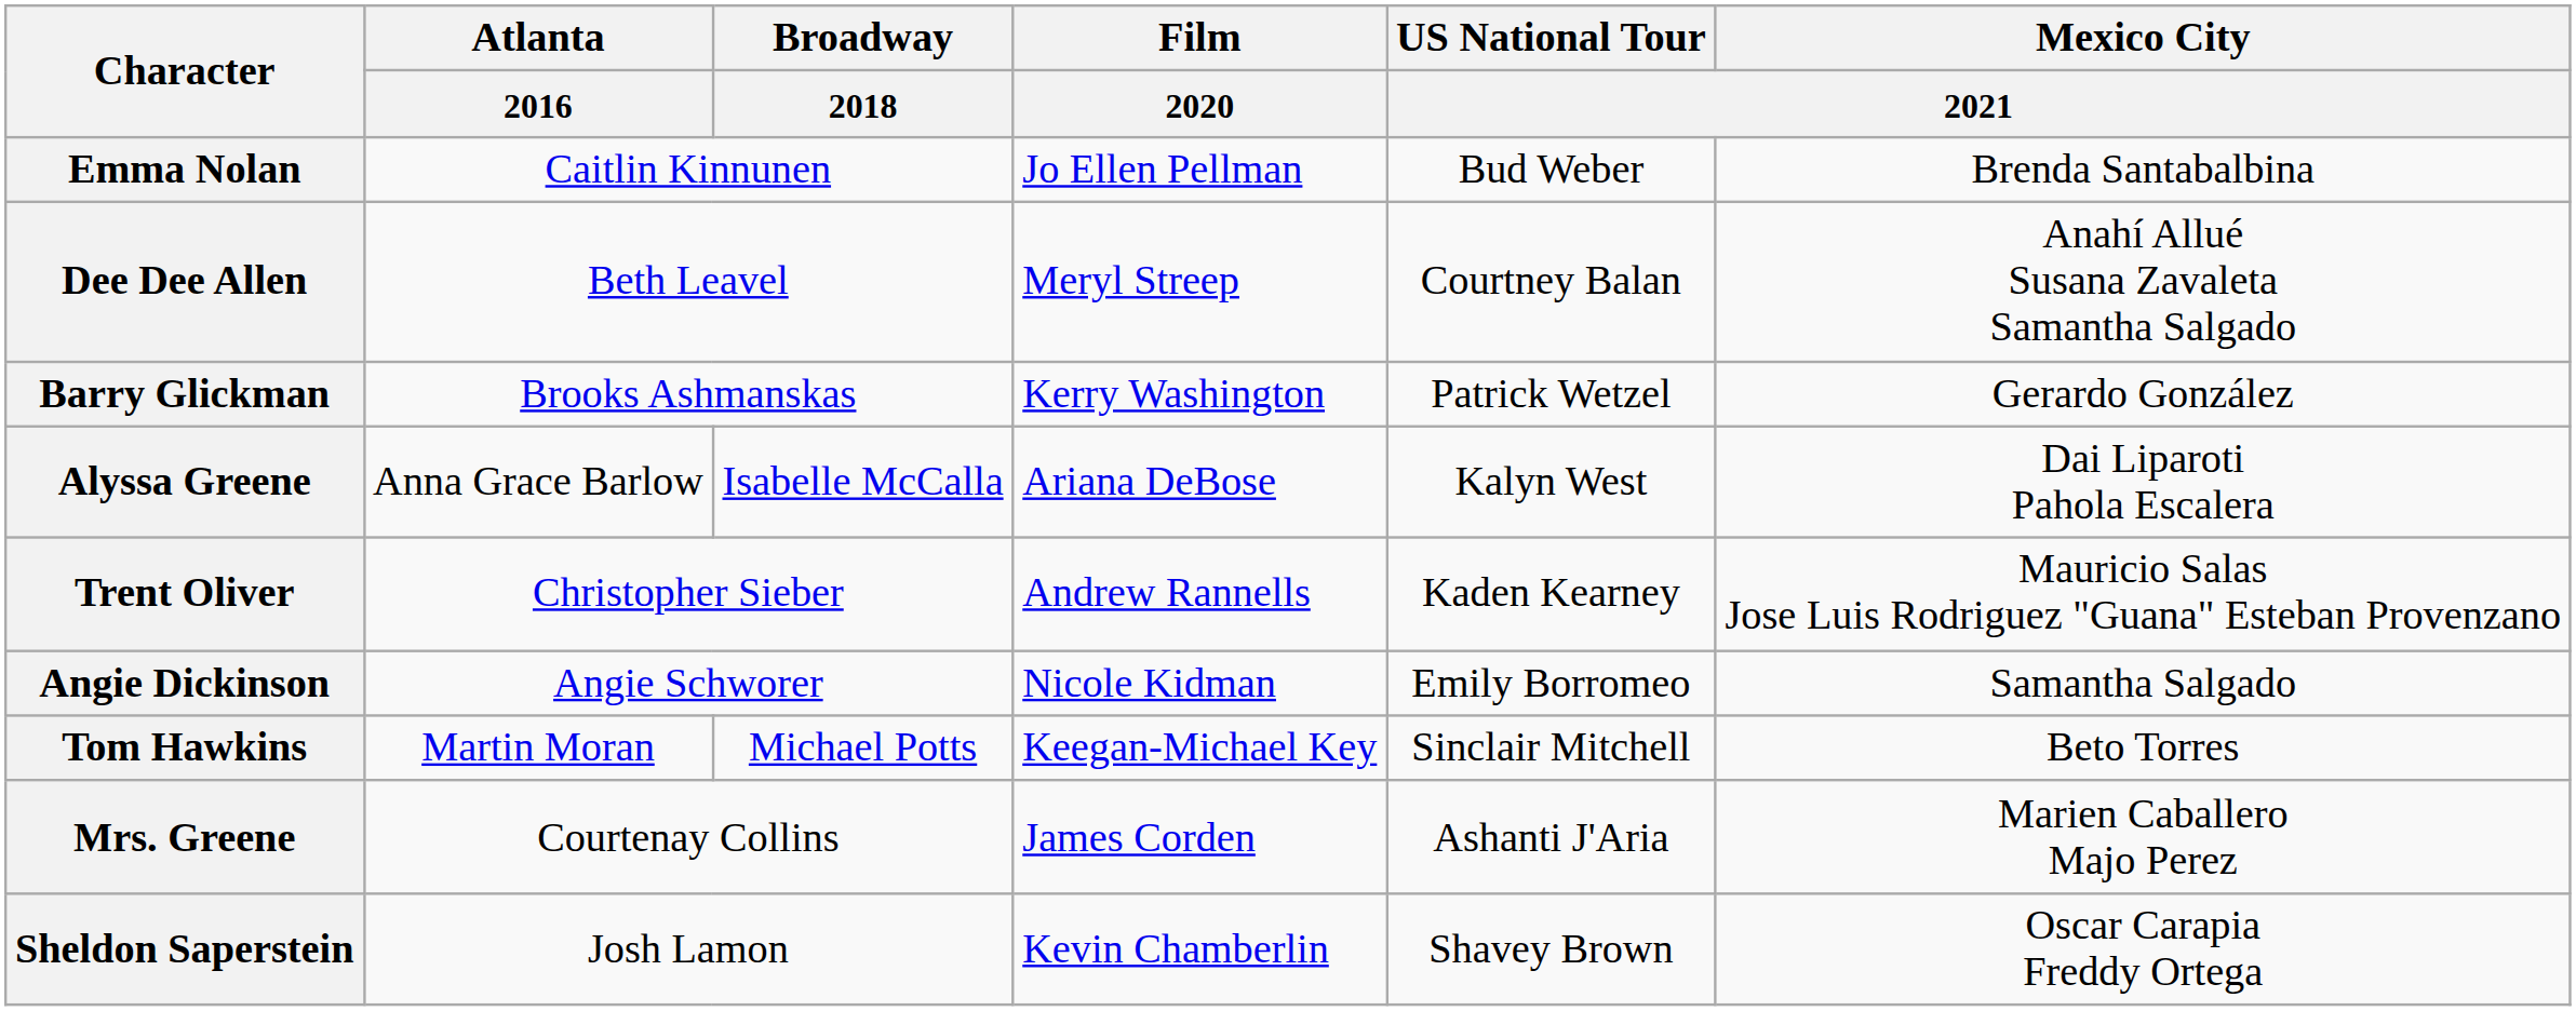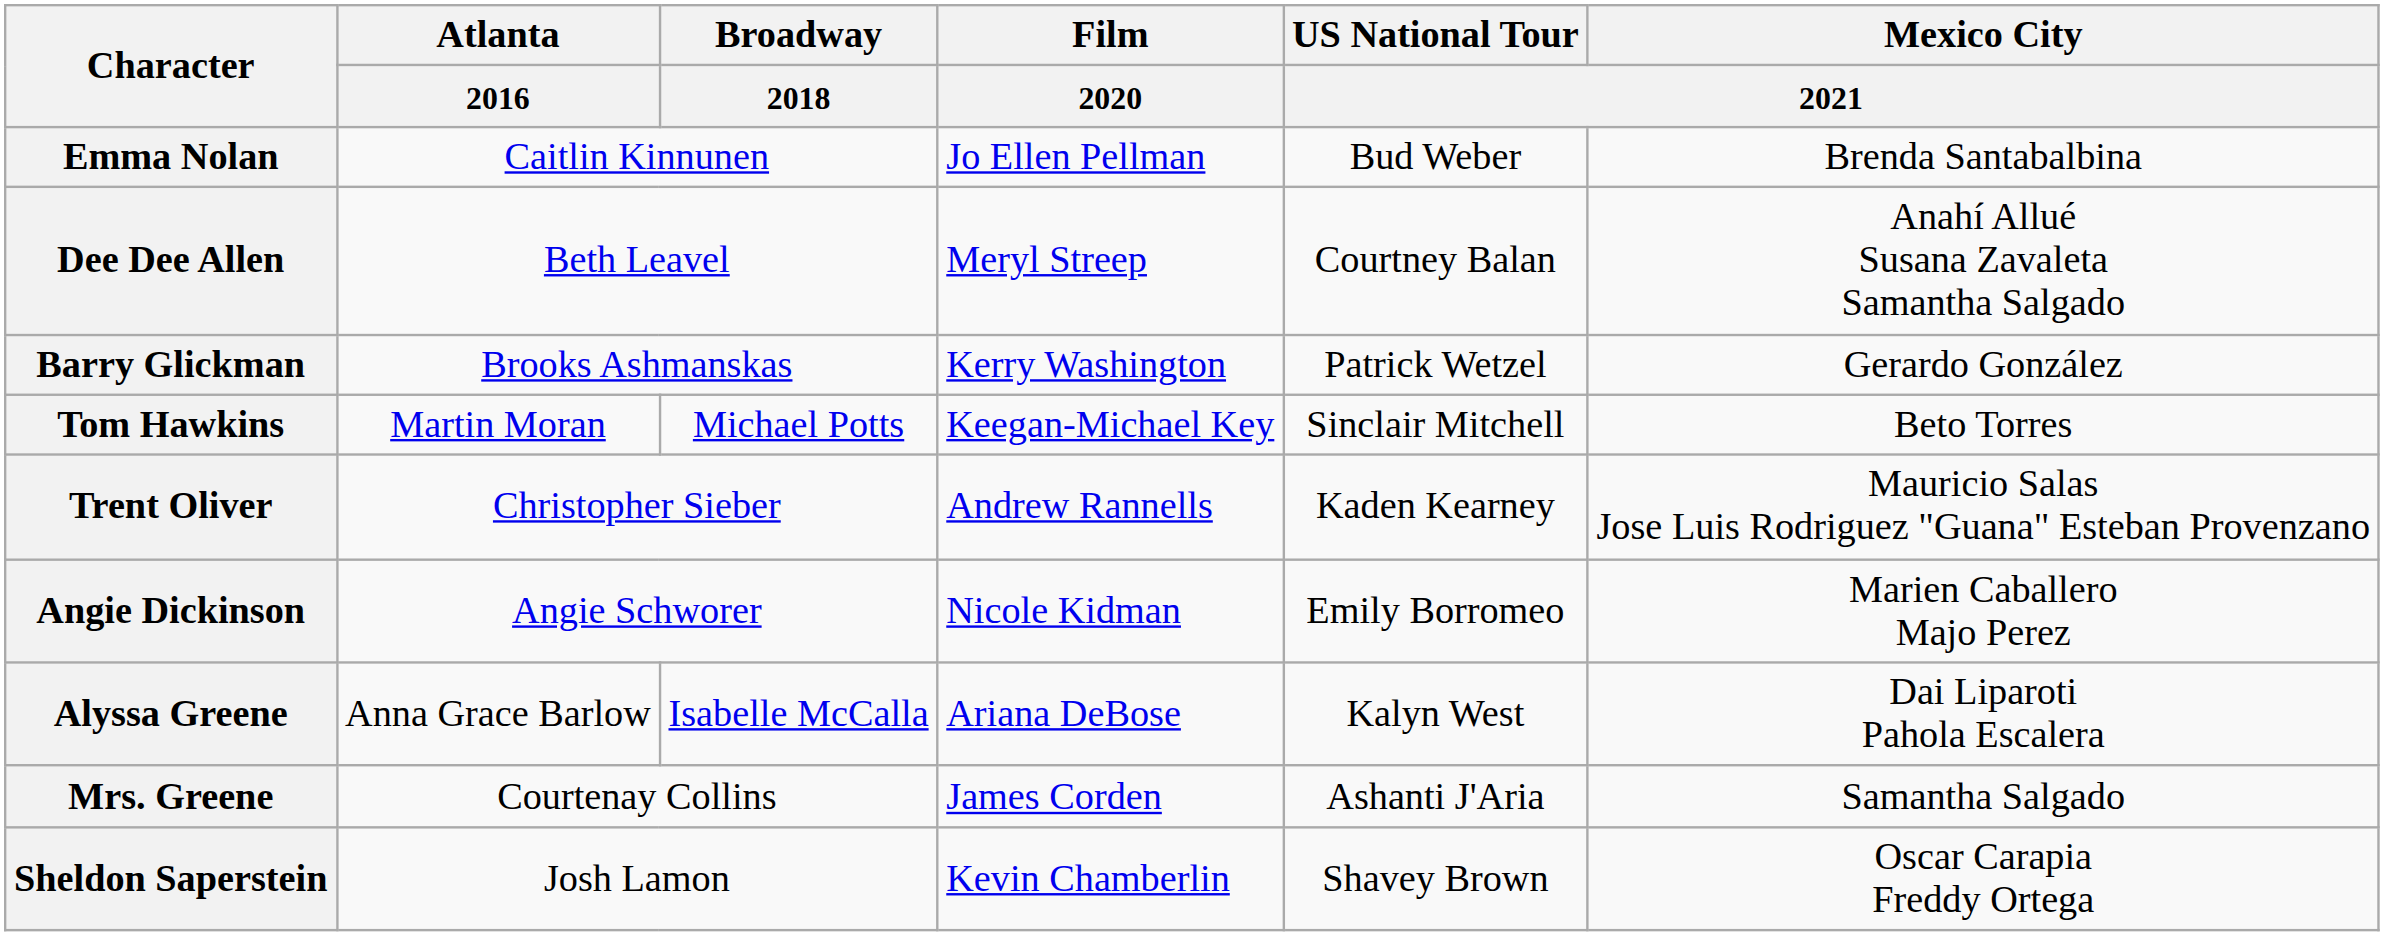 <table class="wikitable" style="width:10000;">
 <tr>
 <th rowspan="2">Character</th>
 <th>Atlanta</th>
 <th>Broadway</th>
 <th>Film</th>
 <th>US National Tour</th>
 <th>Mexico City</th>
 </tr>
 <tr>
 <th><small>2016</small></th>
 <th><small>2018</small></th>
 <th><small>2020</small></th>
 <th colspan="2"><small>2021</small></th>
 </tr>
 <tr>
 <th>Emma Nolan</th>
 <td colspan="2" align="center"><a href='#'>Caitlin Kinnunen</a></td>
 <td><a href='#'>Jo Ellen Pellman</a></td>
 <td align="center">Bud Weber</td>
 <td align="center">Brenda Santabalbina</td>
 </tr>
 <tr>
 <th>Dee Dee Allen</th>
 <td colspan="2" align="center"><a href='#'>Beth Leavel</a></td>
 <td><a href='#'>Meryl Streep</a></td>
 <td align="center">Courtney Balan</td>
 <td align="center">Anahí Allué<br>Susana Zavaleta<br>Samantha Salgado</td>
 </tr>
 <tr>
 <th>Barry Glickman</th>
 <td colspan="2" align="center"><a href='#'>Brooks Ashmanskas</a></td>
 <td><a href='#'>Kerry Washington</a></td>
 <td align="center">Patrick Wetzel</td>
 <td align="center">Gerardo González</td>
 </tr>
 <tr>
-<th>Alyssa Greene</th>
-<td align="center">Anna Grace Barlow</td>
-<td align="center"><a href='#'>Isabelle McCalla</a></td>
-<td><a href='#'>Ariana DeBose</a></td>
-<td align="center">Kalyn West</td>
-<td align="center">Dai Liparoti<br>Pahola Escalera</td>
+<th>Tom Hawkins</th>
+<td align="center"><a href='#'>Martin Moran</a></td>
+<td align="center"><a href='#'>Michael Potts</a></td>
+<td><a href='#'>Keegan-Michael Key</a></td>
+<td align="center">Sinclair Mitchell</td>
+<td align="center">Beto Torres</td>
 </tr>
 <tr>
 <th>Trent Oliver</th>
 <td colspan="2" align="center"><a href='#'>Christopher Sieber</a></td>
 <td><a href='#'>Andrew Rannells</a></td>
 <td align="center">Kaden Kearney</td>
 <td align="center">Mauricio Salas<br>Jose Luis Rodriguez "Guana" Esteban Provenzano</td>
 </tr>
 <tr>
 <th>Angie Dickinson</th>
 <td colspan="2" align="center"><a href='#'>Angie Schworer</a></td>
 <td><a href='#'>Nicole Kidman</a></td>
 <td align="center">Emily Borromeo</td>
-<td align="center">Samantha Salgado</td>
+<td align="center">Marien Caballero<br>Majo Perez</td>
 </tr>
 <tr>
-<th>Tom Hawkins</th>
-<td align="center"><a href='#'>Martin Moran</a></td>
-<td align="center"><a href='#'>Michael Potts</a></td>
-<td><a href='#'>Keegan-Michael Key</a></td>
-<td align="center">Sinclair Mitchell</td>
-<td align="center">Beto Torres</td>
+<th>Alyssa Greene</th>
+<td align="center">Anna Grace Barlow</td>
+<td align="center"><a href='#'>Isabelle McCalla</a></td>
+<td><a href='#'>Ariana DeBose</a></td>
+<td align="center">Kalyn West</td>
+<td align="center">Dai Liparoti<br>Pahola Escalera</td>
 </tr>
 <tr>
 <th>Mrs. Greene</th>
 <td colspan="2" align="center">Courtenay Collins</td>
 <td><a href='#'>James Corden</a></td>
 <td align="center">Ashanti J'Aria</td>
-<td align="center">Marien Caballero<br>Majo Perez</td>
+<td align="center">Samantha Salgado</td>
 </tr>
 <tr>
 <th>Sheldon Saperstein</th>
 <td colspan="2" align="center">Josh Lamon</td>
 <td><a href='#'>Kevin Chamberlin</a></td>
 <td align="center">Shavey Brown</td>
 <td align="center">Oscar Carapia<br>Freddy Ortega</td>
 </tr>
 </table>
